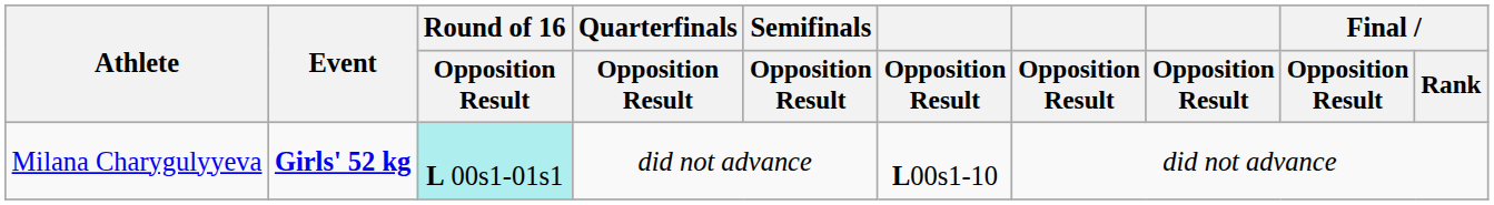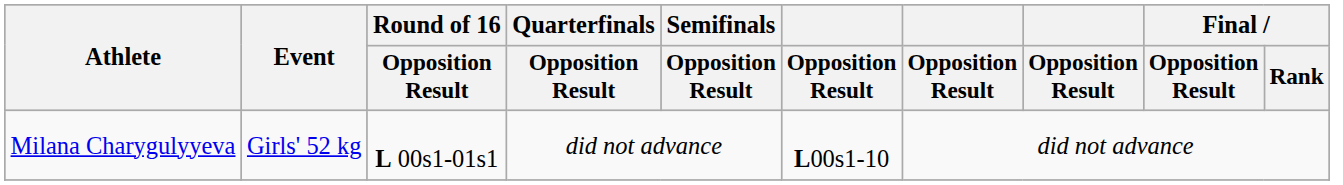 <table class="wikitable" style="text-align:center;font-size:90%">
 <tr>
 <th rowspan=2>Athlete</th>
 <th rowspan=2>Event</th>
 <th>Round of 16</th>
 <th>Quarterfinals</th>
 <th>Semifinals</th>
 <th></th>
 <th></th>
 <th></th>
 <th colspan=2>Final / </th>
 </tr>
 <tr style="font-size:95%">
 <th>Opposition<br>Result</th>
 <th>Opposition<br>Result</th>
 <th>Opposition<br>Result</th>
 <th>Opposition<br>Result</th>
 <th>Opposition<br>Result</th>
 <th>Opposition<br>Result</th>
 <th>Opposition<br>Result</th>
 <th>Rank</th>
 </tr>
 <tr>
 <td align=left><a href='#'>Milana Charygulyyeva</a></td>
-<td align=left><strong><a href='#'>Girls' 52 kg</a></strong></td>
-<td style="background: paleturquoise;"><br> <strong>L</strong> 00s1-01s1</td>
+<td align=left><a href='#'>Girls' 52 kg</a></td>
+<td><br> <strong>L</strong> 00s1-01s1</td>
 <td Colspan=2><em>did not advance</em></td>
 <td><br> <strong>L</strong>00s1-10</td>
 <td Colspan=4><em>did not advance</em></td>
 </tr>
 </table>
